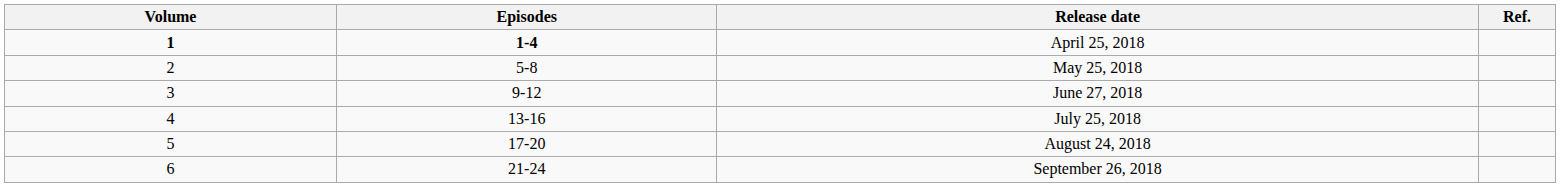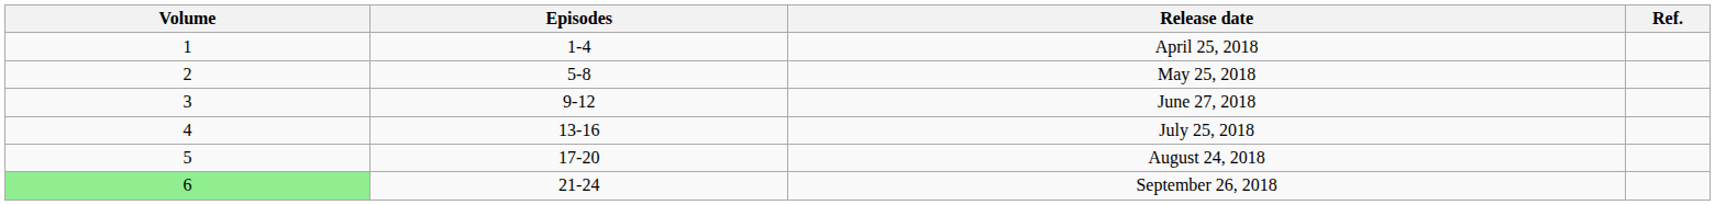 <table class="wikitable" style="text-align: center; width: 98%">
 <tr>
 <th>Volume</th>
 <th>Episodes</th>
 <th>Release date</th>
 <th width="5%">Ref.</th>
 </tr>
 <tr>
-<td><strong>1</strong></td>
-<td><strong>1-4</strong></td>
+<td>1</td>
+<td>1-4</td>
 <td>April 25, 2018</td>
 <td></td>
 </tr>
 <tr>
 <td>2</td>
 <td>5-8</td>
 <td>May 25, 2018</td>
 <td></td>
 </tr>
 <tr>
 <td>3</td>
 <td>9-12</td>
 <td>June 27, 2018</td>
 <td></td>
 </tr>
 <tr>
 <td>4</td>
 <td>13-16</td>
 <td>July 25, 2018</td>
 <td></td>
 </tr>
 <tr>
 <td>5</td>
 <td>17-20</td>
 <td>August 24, 2018</td>
 <td></td>
 </tr>
 <tr>
-<td>6</td>
+<td style="background: lightgreen;">6</td>
 <td>21-24</td>
 <td>September 26, 2018</td>
 <td></td>
 </tr>
 <tr>
 </tr>
 </table>
